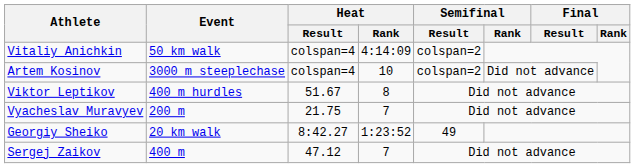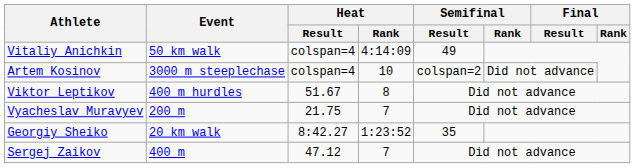 <table class="wikitable" style="font-size:90%">
 <tr>
 <th rowspan="2">Athlete</th>
 <th rowspan="2">Event</th>
 <th colspan="2">Heat</th>
 <th colspan="2">Semifinal</th>
 <th colspan="2">Final</th>
 </tr>
 <tr style="font-size:95%">
 <th>Result</th>
 <th>Rank</th>
 <th>Result</th>
 <th>Rank</th>
 <th>Result</th>
 <th>Rank</th>
 </tr>
 <tr align=center>
 <td align=left><a href='#'>Vitaliy Anichkin</a></td>
 <td align=left><a href='#'>50 km walk</a></td>
 <td>colspan=4 </td>
 <td>4:14:09</td>
-<td>colspan=2 </td>
+<td>49</td>
 </tr>
 <tr align=center>
 <td align=left><a href='#'>Artem Kosinov</a></td>
 <td align=left><a href='#'>3000 m steeplechase</a></td>
 <td>colspan=4 </td>
 <td>10</td>
 <td>colspan=2 </td>
 <td colspan=2>Did not advance</td>
 </tr>
 <tr align=center>
 <td align=left><a href='#'>Viktor Leptikov</a></td>
 <td align=left><a href='#'>400 m hurdles</a></td>
 <td>51.67</td>
 <td>8</td>
 <td colspan=4>Did not advance</td>
 </tr>
 <tr align=center>
 <td align=left><a href='#'>Vyacheslav Muravyev</a></td>
 <td align=left><a href='#'>200 m</a></td>
 <td>21.75</td>
 <td>7</td>
 <td colspan=4>Did not advance</td>
 </tr>
 <tr align=center>
 <td align=left><a href='#'>Georgiy Sheiko</a></td>
 <td align=left><a href='#'>20 km walk</a></td>
 <td>8:42.27</td>
 <td>1:23:52</td>
-<td>49</td>
+<td>35</td>
 </tr>
 <tr align=center>
 <td align=left><a href='#'>Sergej Zaikov</a></td>
 <td align=left><a href='#'>400 m</a></td>
 <td>47.12</td>
 <td>7</td>
 <td colspan=4>Did not advance</td>
 </tr>
 </table>
